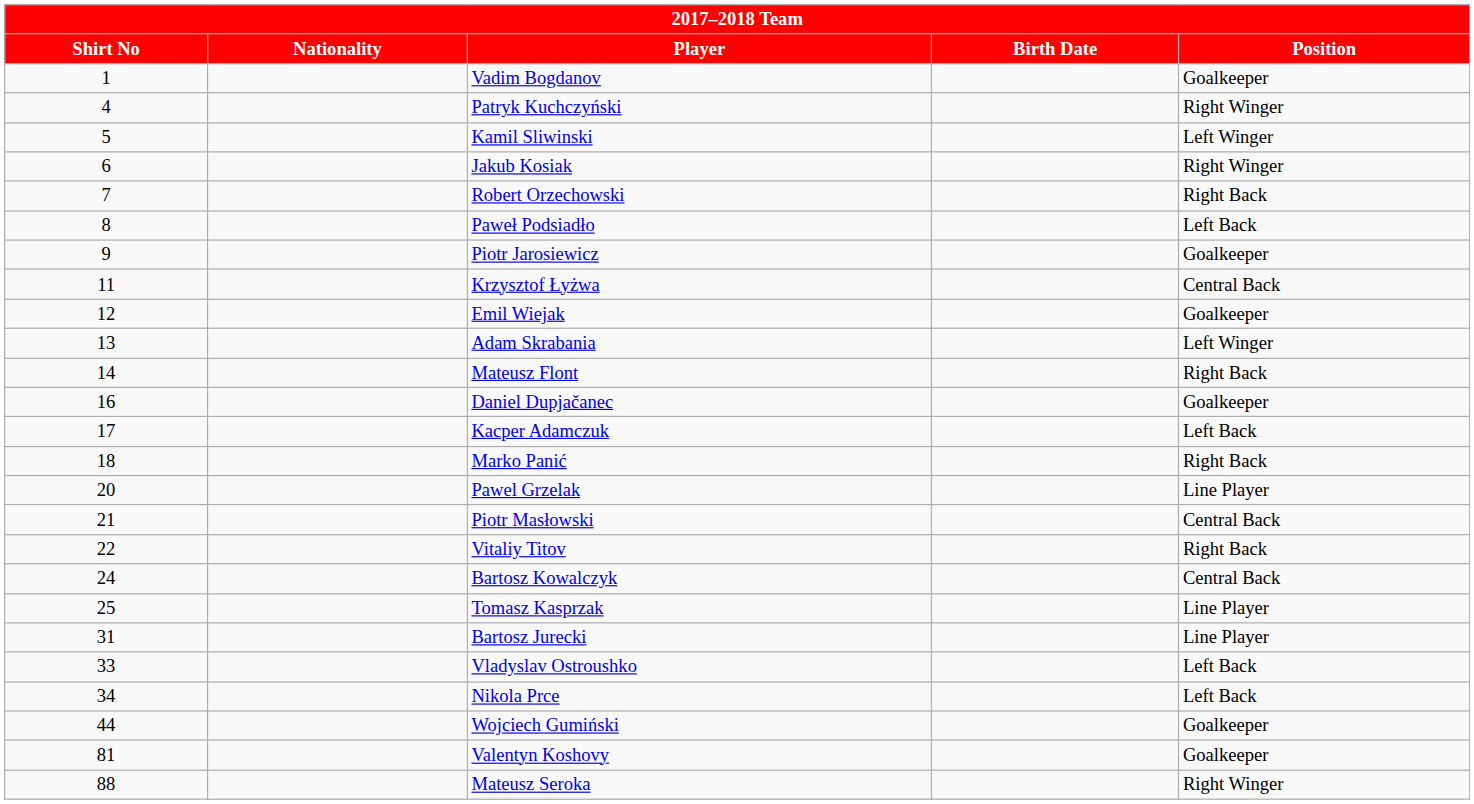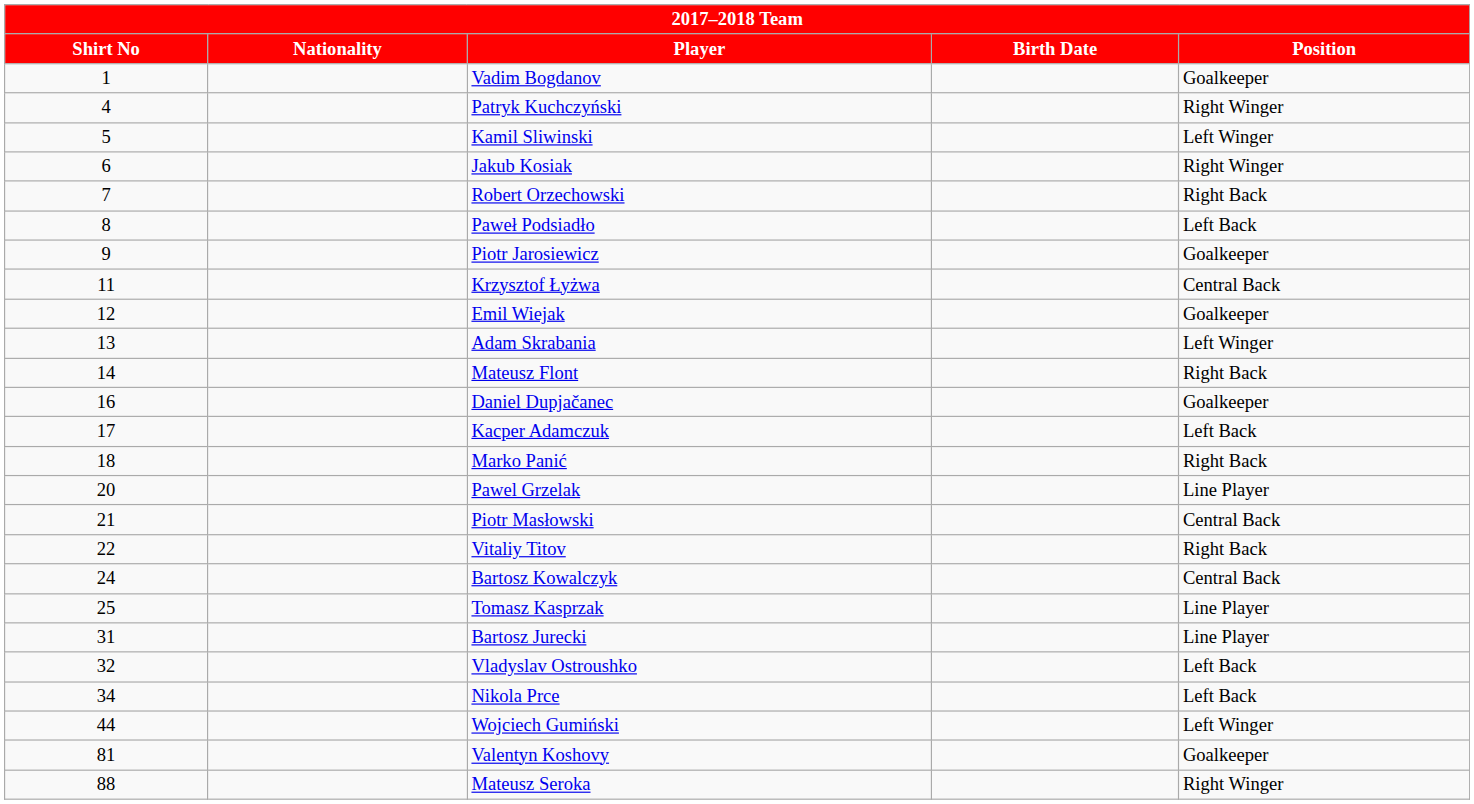 <table class="wikitable collapsible collapsed" style="width:100%">
 <tr>
 <th colspan=5 style="background-color:#FF0000;color:#FFFFFF;text-align:center;"> <strong>2017–2018 Team</strong></th>
 </tr>
 <tr>
 <th style="color:#FFFFFF; background:#FF0000">Shirt No</th>
 <th style="color:#FFFFFF; background:#FF0000">Nationality</th>
 <th style="color:#FFFFFF; background:#FF0000">Player</th>
 <th style="color:#FFFFFF; background:#FF0000">Birth Date</th>
 <th style="color:#FFFFFF; background:#FF0000">Position</th>
 </tr>
 <tr>
 <td align=center>1</td>
 <td></td>
 <td><a href='#'>Vadim Bogdanov</a></td>
 <td></td>
 <td>Goalkeeper</td>
 </tr>
 <tr>
 <td align=center>4</td>
 <td></td>
 <td><a href='#'>Patryk Kuchczyński</a></td>
 <td></td>
 <td>Right Winger</td>
 </tr>
 <tr>
 <td align=center>5</td>
 <td></td>
 <td><a href='#'>Kamil Sliwinski</a></td>
 <td></td>
 <td>Left Winger</td>
 </tr>
 <tr>
 <td align=center>6</td>
 <td></td>
 <td><a href='#'>Jakub Kosiak</a></td>
 <td></td>
 <td>Right Winger</td>
 </tr>
 <tr>
 <td align=center>7</td>
 <td></td>
 <td><a href='#'>Robert Orzechowski</a></td>
 <td></td>
 <td>Right Back</td>
 </tr>
 <tr>
 <td align=center>8</td>
 <td></td>
 <td><a href='#'>Paweł Podsiadło</a></td>
 <td></td>
 <td>Left Back</td>
 </tr>
 <tr>
 <td align=center>9</td>
 <td></td>
 <td><a href='#'>Piotr Jarosiewicz</a></td>
 <td></td>
 <td>Goalkeeper</td>
 </tr>
 <tr>
 <td align=center>11</td>
 <td></td>
 <td><a href='#'>Krzysztof Łyżwa</a></td>
 <td></td>
 <td>Central Back</td>
 </tr>
 <tr>
 <td align=center>12</td>
 <td></td>
 <td><a href='#'>Emil Wiejak</a></td>
 <td></td>
 <td>Goalkeeper</td>
 </tr>
 <tr>
 <td align=center>13</td>
 <td></td>
 <td><a href='#'>Adam Skrabania</a></td>
 <td></td>
 <td>Left Winger</td>
 </tr>
 <tr>
 <td align=center>14</td>
 <td></td>
 <td><a href='#'>Mateusz Flont</a></td>
 <td></td>
 <td>Right Back</td>
 </tr>
 <tr>
 <td align=center>16</td>
 <td></td>
 <td><a href='#'>Daniel Dupjačanec</a></td>
 <td></td>
 <td>Goalkeeper</td>
 </tr>
 <tr>
 <td align=center>17</td>
 <td></td>
 <td><a href='#'>Kacper Adamczuk</a></td>
 <td></td>
 <td>Left Back</td>
 </tr>
 <tr>
 <td align=center>18</td>
 <td></td>
 <td><a href='#'>Marko Panić</a></td>
 <td></td>
 <td>Right Back</td>
 </tr>
 <tr>
 <td align=center>20</td>
 <td></td>
 <td><a href='#'>Pawel Grzelak</a></td>
 <td></td>
 <td>Line Player</td>
 </tr>
 <tr>
 <td align=center>21</td>
 <td></td>
 <td><a href='#'>Piotr Masłowski</a></td>
 <td></td>
 <td>Central Back</td>
 </tr>
 <tr>
 <td align=center>22</td>
 <td></td>
 <td><a href='#'>Vitaliy Titov</a></td>
 <td></td>
 <td>Right Back</td>
 </tr>
 <tr>
 <td align=center>24</td>
 <td></td>
 <td><a href='#'>Bartosz Kowalczyk</a></td>
 <td></td>
 <td>Central Back</td>
 </tr>
 <tr>
 <td align=center>25</td>
 <td></td>
 <td><a href='#'>Tomasz Kasprzak</a></td>
 <td></td>
 <td>Line Player</td>
 </tr>
 <tr>
 <td align=center>31</td>
 <td></td>
 <td><a href='#'>Bartosz Jurecki</a></td>
 <td></td>
 <td>Line Player</td>
 </tr>
 <tr>
-<td align=center>33</td>
+<td align=center>32</td>
 <td></td>
 <td><a href='#'>Vladyslav Ostroushko</a></td>
 <td></td>
 <td>Left Back</td>
 </tr>
 <tr>
 <td align=center>34</td>
 <td></td>
 <td><a href='#'>Nikola Prce</a></td>
 <td></td>
 <td>Left Back</td>
 </tr>
 <tr>
 <td align=center>44</td>
 <td></td>
 <td><a href='#'>Wojciech Gumiński</a></td>
 <td></td>
-<td>Goalkeeper</td>
+<td>Left Winger</td>
 </tr>
 <tr>
 <td align=center>81</td>
 <td></td>
 <td><a href='#'>Valentyn Koshovy</a></td>
 <td></td>
 <td>Goalkeeper</td>
 </tr>
 <tr>
 <td align=center>88</td>
 <td></td>
 <td><a href='#'>Mateusz Seroka</a></td>
 <td></td>
 <td>Right Winger</td>
 </tr>
 </table>
